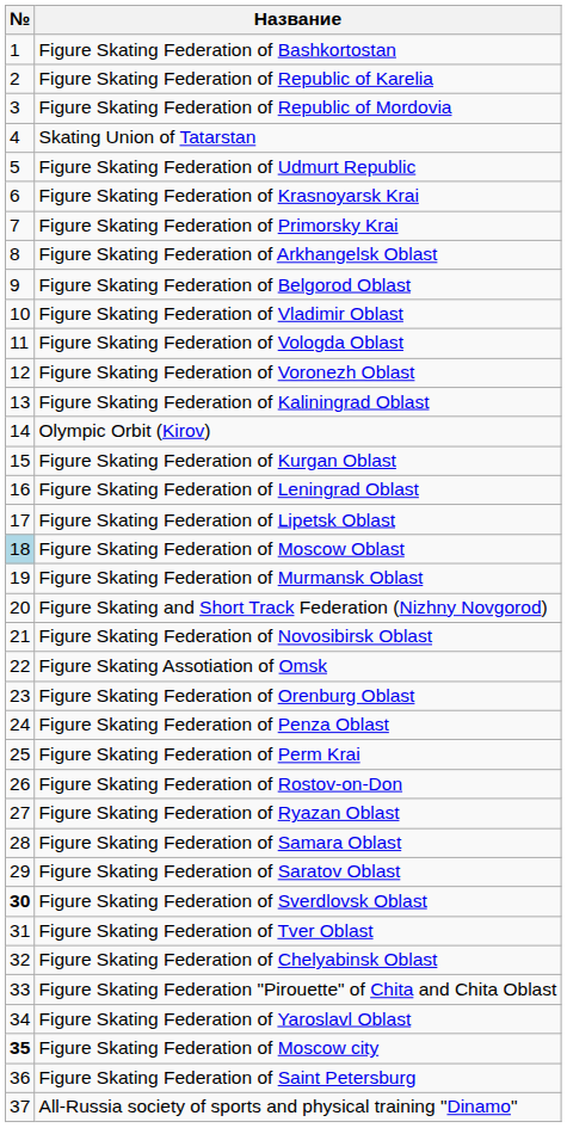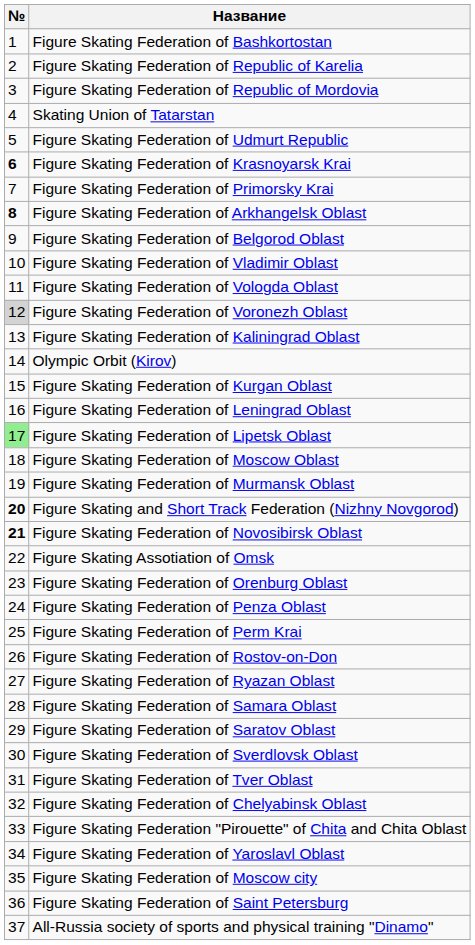 <table class="wikitable">
 <tr>
 <th>№</th>
 <th>Название</th>
 </tr>
 <tr>
 <td>1</td>
 <td>Figure Skating Federation of <a href='#'>Bashkortostan</a></td>
 </tr>
 <tr>
 <td>2</td>
 <td>Figure Skating Federation of <a href='#'>Republic of Karelia</a></td>
 </tr>
 <tr>
 <td>3</td>
 <td>Figure Skating Federation of <a href='#'>Republic of Mordovia</a></td>
 </tr>
 <tr>
 <td>4</td>
 <td>Skating Union of <a href='#'>Tatarstan</a></td>
 </tr>
 <tr>
 <td>5</td>
 <td>Figure Skating Federation of <a href='#'>Udmurt Republic</a></td>
 </tr>
 <tr>
-<td>6</td>
+<td><strong>6</strong></td>
 <td>Figure Skating Federation of <a href='#'>Krasnoyarsk Krai</a></td>
 </tr>
 <tr>
 <td>7</td>
 <td>Figure Skating Federation of <a href='#'>Primorsky Krai</a></td>
 </tr>
 <tr>
-<td>8</td>
+<td><strong>8</strong></td>
 <td>Figure Skating Federation of <a href='#'>Arkhangelsk Oblast</a></td>
 </tr>
 <tr>
 <td>9</td>
 <td>Figure Skating Federation of <a href='#'>Belgorod Oblast</a></td>
 </tr>
 <tr>
 <td>10</td>
 <td>Figure Skating Federation of <a href='#'>Vladimir Oblast</a></td>
 </tr>
 <tr>
 <td>11</td>
 <td>Figure Skating Federation of <a href='#'>Vologda Oblast</a></td>
 </tr>
 <tr>
-<td>12</td>
+<td style="background: lightgrey;">12</td>
 <td>Figure Skating Federation of <a href='#'>Voronezh Oblast</a></td>
 </tr>
 <tr>
 <td>13</td>
 <td>Figure Skating Federation of <a href='#'>Kaliningrad Oblast</a></td>
 </tr>
 <tr>
 <td>14</td>
 <td>Olympic Orbit (<a href='#'>Kirov</a>)</td>
 </tr>
 <tr>
 <td>15</td>
 <td>Figure Skating Federation of <a href='#'>Kurgan Oblast</a></td>
 </tr>
 <tr>
 <td>16</td>
 <td>Figure Skating Federation of <a href='#'>Leningrad Oblast</a></td>
 </tr>
 <tr>
-<td>17</td>
+<td style="background: lightgreen;">17</td>
 <td>Figure Skating Federation of <a href='#'>Lipetsk Oblast</a></td>
 </tr>
 <tr>
-<td style="background: lightblue;">18</td>
+<td>18</td>
 <td>Figure Skating Federation of <a href='#'>Moscow Oblast</a></td>
 </tr>
 <tr>
 <td>19</td>
 <td>Figure Skating Federation of <a href='#'>Murmansk Oblast</a></td>
 </tr>
 <tr>
-<td>20</td>
+<td><strong>20</strong></td>
 <td>Figure Skating and <a href='#'>Short Track</a> Federation (<a href='#'>Nizhny Novgorod</a>)</td>
 </tr>
 <tr>
-<td>21</td>
+<td><strong>21</strong></td>
 <td>Figure Skating Federation of <a href='#'>Novosibirsk Oblast</a></td>
 </tr>
 <tr>
 <td>22</td>
 <td>Figure Skating Assotiation of <a href='#'>Omsk</a></td>
 </tr>
 <tr>
 <td>23</td>
 <td>Figure Skating Federation of <a href='#'>Orenburg Oblast</a></td>
 </tr>
 <tr>
 <td>24</td>
 <td>Figure Skating Federation of <a href='#'>Penza Oblast</a></td>
 </tr>
 <tr>
 <td>25</td>
 <td>Figure Skating Federation of <a href='#'>Perm Krai</a></td>
 </tr>
 <tr>
 <td>26</td>
 <td>Figure Skating Federation of <a href='#'>Rostov-on-Don</a></td>
 </tr>
 <tr>
 <td>27</td>
 <td>Figure Skating Federation of <a href='#'>Ryazan Oblast</a></td>
 </tr>
 <tr>
 <td>28</td>
 <td>Figure Skating Federation of <a href='#'>Samara Oblast</a></td>
 </tr>
 <tr>
 <td>29</td>
 <td>Figure Skating Federation of <a href='#'>Saratov Oblast</a></td>
 </tr>
 <tr>
-<td><strong>30</strong></td>
+<td>30</td>
 <td>Figure Skating Federation of <a href='#'>Sverdlovsk Oblast</a></td>
 </tr>
 <tr>
 <td>31</td>
 <td>Figure Skating Federation of <a href='#'>Tver Oblast</a></td>
 </tr>
 <tr>
 <td>32</td>
 <td>Figure Skating Federation of <a href='#'>Chelyabinsk Oblast</a></td>
 </tr>
 <tr>
 <td>33</td>
 <td>Figure Skating Federation "Pirouette" of <a href='#'>Chita</a> and Chita Oblast</td>
 </tr>
 <tr>
 <td>34</td>
 <td>Figure Skating Federation of <a href='#'>Yaroslavl Oblast</a></td>
 </tr>
 <tr>
-<td><strong>35</strong></td>
+<td>35</td>
 <td>Figure Skating Federation of <a href='#'>Moscow city</a></td>
 </tr>
 <tr>
 <td>36</td>
 <td>Figure Skating Federation of <a href='#'>Saint Petersburg</a></td>
 </tr>
 <tr>
 <td>37</td>
 <td>All-Russia society of sports and physical training "<a href='#'>Dinamo</a>"</td>
 </tr>
 </table>
